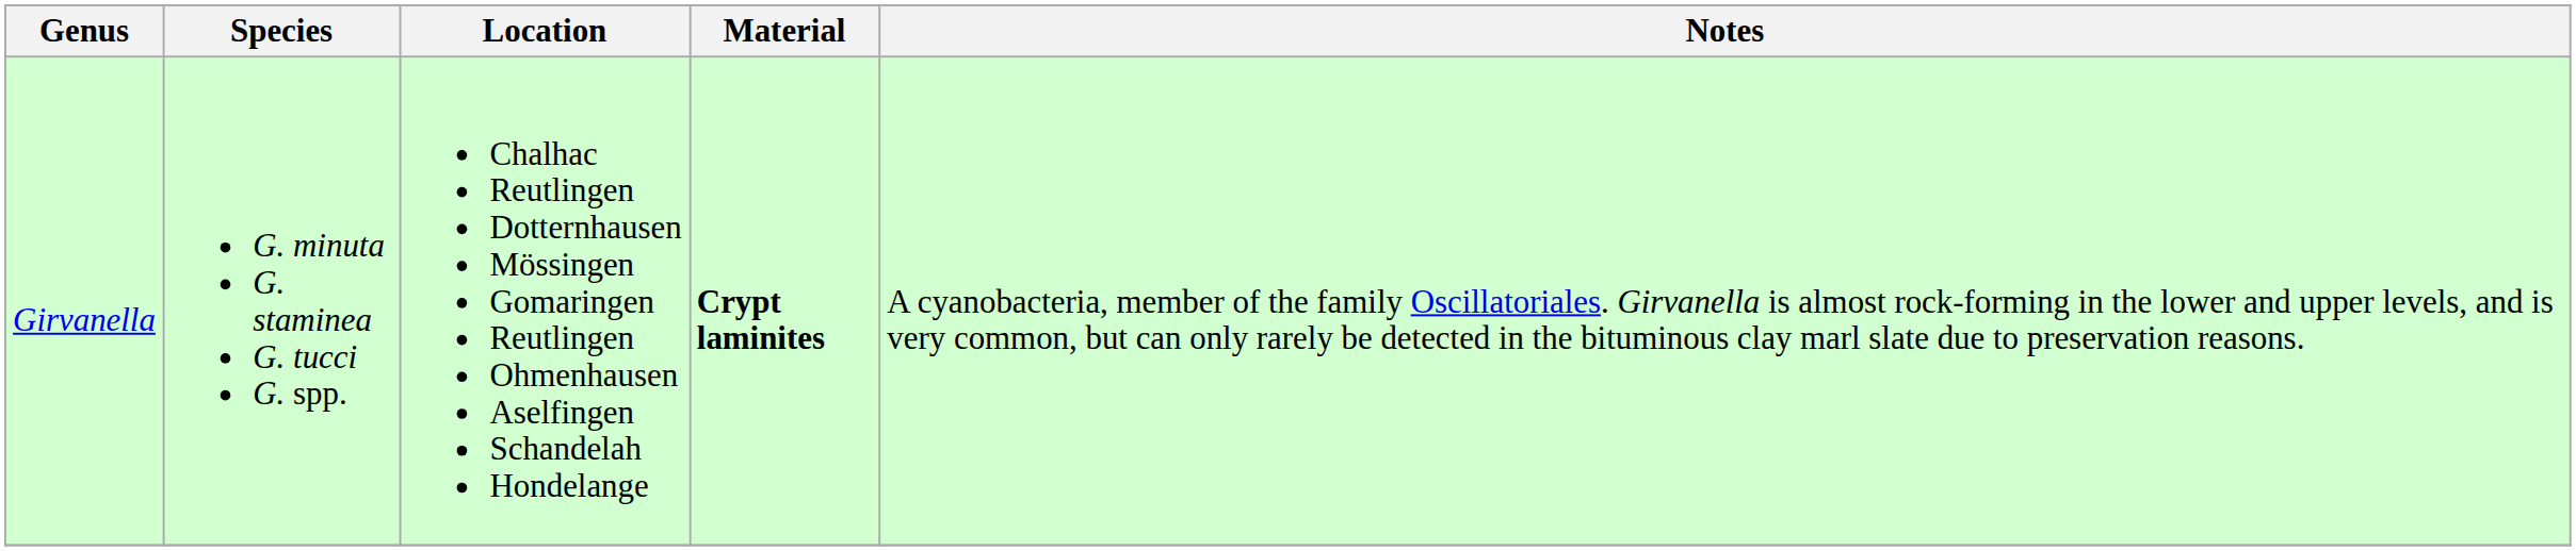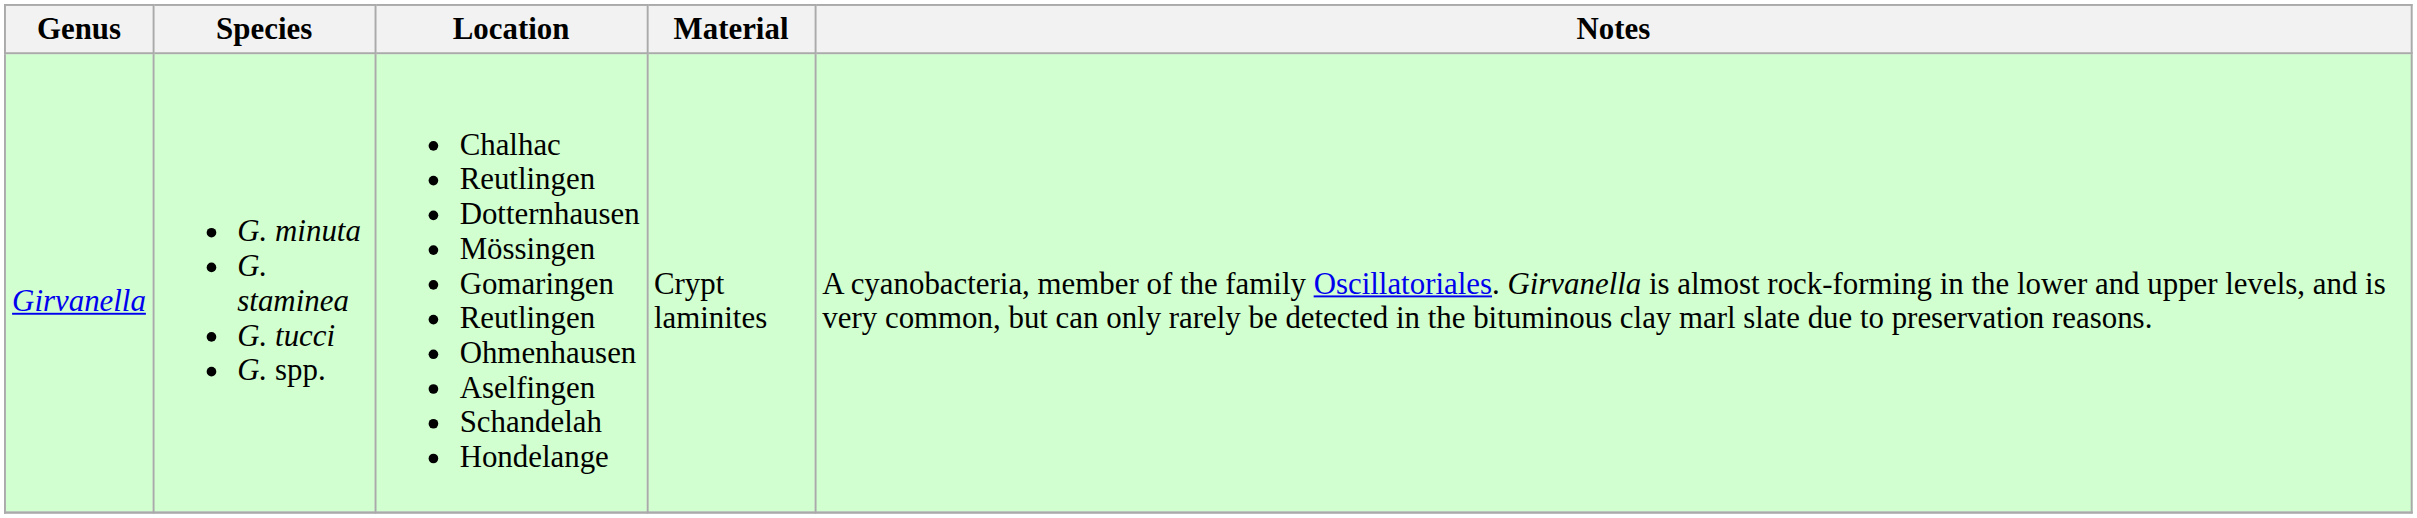 <table class="wikitable sortable">
 <tr>
 <th>Genus</th>
 <th>Species</th>
 <th>Location</th>
 <th>Material</th>
 <th>Notes</th>
 </tr>
 <tr>
 <td style="background:#D1FFCF;"><br><em><a href='#'>Girvanella</a></em></td>
 <td style="background:#D1FFCF;"><br><ul><li><em>G. minuta</em></li><li><em>G. staminea</em></li><li><em>G. tucci</em></li><li><em>G.</em> spp.</li></ul></td>
 <td style="background:#D1FFCF;"><br><ul><li>Chalhac</li><li>Reutlingen</li><li>Dotternhausen</li><li>Mössingen</li><li>Gomaringen</li><li>Reutlingen</li><li>Ohmenhausen</li><li>Aselfingen</li><li>Schandelah</li><li>Hondelange</li></ul></td>
-<td style="background:#D1FFCF;"><strong><br>Crypt laminites</strong></td>
+<td style="background:#D1FFCF;"><br>Crypt laminites</td>
 <td style="background:#D1FFCF;"><br>A cyanobacteria, member of the family <a href='#'>Oscillatoriales</a>. <em>Girvanella</em> is almost rock-forming in the lower and upper levels, and is very common, but can only rarely be detected in the bituminous clay marl slate due to preservation reasons.</td>
 </tr>
 <tr>
 </tr>
 </table>
